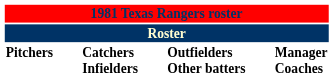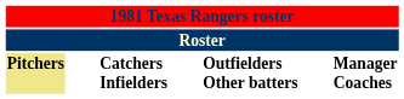 <table class="toccolours" style="font-size: 95%;">
 <tr>
 <th colspan="10" style="background-color: red; color: #003366; text-align: center;">1981 Texas Rangers roster</th>
 </tr>
 <tr>
 <td colspan="10" style="background-color: #003366; color: #FFFDD0; text-align: center;"><strong>Roster</strong></td>
 </tr>
 <tr>
-<td valign="top"><strong>Pitchers</strong><br>              </td>
+<td valign="top" style="background: khaki;"><strong>Pitchers</strong><br>              </td>
 <td width="25px"></td>
 <td valign="top"><strong>Catchers</strong><br>   <strong>Infielders</strong>         </td>
 <td width="25px"></td>
 <td valign="top"><strong>Outfielders</strong><br>        <strong>Other batters</strong>  </td>
 <td width="25px"></td>
 <td valign="top"><strong>Manager</strong><br> <strong>Coaches</strong>     </td>
 </tr>
 <tr>
 </tr>
 </table>
